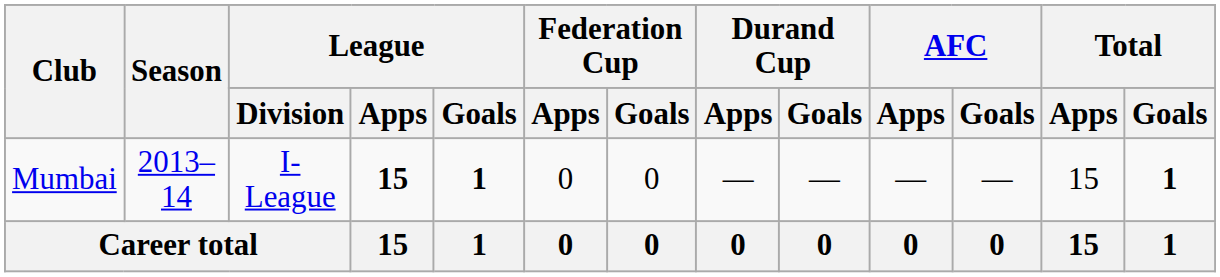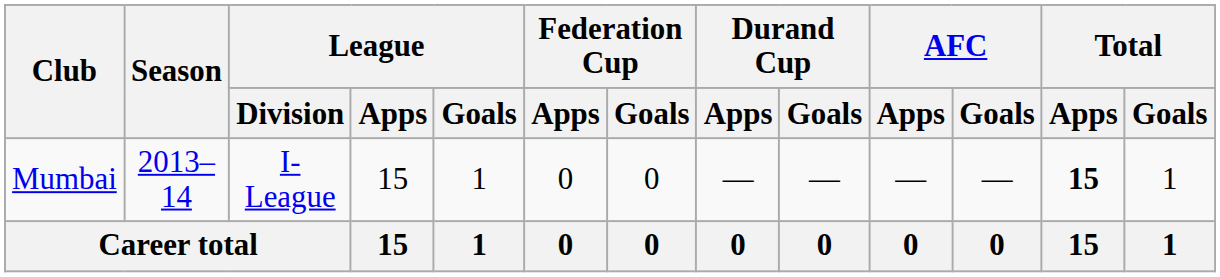 <table class="wikitable" style="text-align: center;">
 <tr>
 <th rowspan="2">Club</th>
 <th rowspan="2">Season</th>
 <th colspan="3">League</th>
 <th colspan="2">Federation Cup</th>
 <th colspan="2">Durand Cup</th>
 <th colspan="2"><a href='#'>AFC</a></th>
 <th colspan="2">Total</th>
 </tr>
 <tr>
 <th>Division</th>
 <th>Apps</th>
 <th>Goals</th>
 <th>Apps</th>
 <th>Goals</th>
 <th>Apps</th>
 <th>Goals</th>
 <th>Apps</th>
 <th>Goals</th>
 <th>Apps</th>
 <th>Goals</th>
 </tr>
 <tr>
 <td rowspan="1"><a href='#'>Mumbai</a></td>
 <td><a href='#'>2013–14</a></td>
 <td><a href='#'>I-League</a></td>
-<td><strong>15</strong></td>
-<td><strong>1</strong></td>
+<td>15</td>
+<td>1</td>
 <td>0</td>
 <td>0</td>
 <td>—</td>
 <td>—</td>
 <td>—</td>
 <td>—</td>
-<td>15</td>
-<td><strong>1</strong></td>
+<td><strong>15</strong></td>
+<td>1</td>
 </tr>
 <tr>
 <th colspan="3">Career total</th>
 <th>15</th>
 <th>1</th>
 <th>0</th>
 <th>0</th>
 <th>0</th>
 <th>0</th>
 <th>0</th>
 <th>0</th>
 <th>15</th>
 <th>1</th>
 </tr>
 </table>
